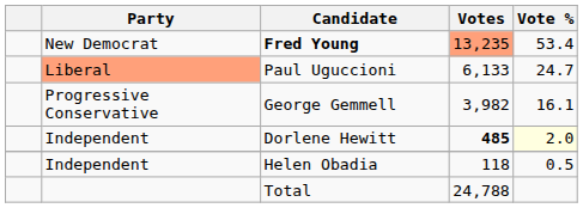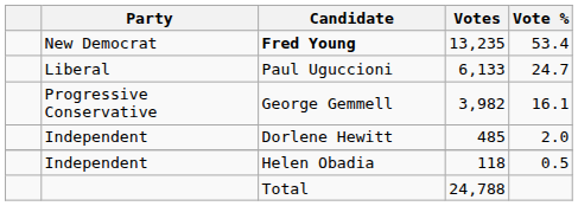 <table class="wikitable">
 <tr>
 <th></th>
 <th scope="col" width="175">Party</th>
 <th scope="col" width="150">Candidate</th>
 <th>Votes</th>
 <th>Vote %</th>
 </tr>
 <tr>
 <td>   </td>
 <td>New Democrat</td>
 <td><strong>Fred Young</strong></td>
-<td align=right style="background: lightsalmon;">13,235</td>
+<td align=right>13,235</td>
 <td align=right>53.4</td>
 </tr>
 <tr>
 <td>   </td>
-<td style="background: lightsalmon;">Liberal</td>
+<td>Liberal</td>
 <td>Paul Uguccioni</td>
 <td align=right>6,133</td>
 <td align=right>24.7</td>
 </tr>
 <tr |>
 <td>   </td>
 <td>Progressive Conservative</td>
 <td>George Gemmell</td>
 <td align=right>3,982</td>
 <td align=right>16.1</td>
 </tr>
 <tr>
 <td>   </td>
 <td>Independent</td>
 <td>Dorlene Hewitt</td>
-<td align=right><strong>485</strong></td>
-<td align=right style="background: lightyellow;">2.0<br></td>
+<td align=right>485</td>
+<td align=right>2.0<br></td>
 </tr>
 <tr |>
 </tr>
 <tr |>
 <td>   </td>
 <td>Independent</td>
 <td>Helen Obadia</td>
 <td align=right>118</td>
 <td align=right>0.5</td>
 </tr>
 <tr |>
 <td></td>
 <td></td>
 <td>Total</td>
 <td align=right>24,788</td>
 <td></td>
 </tr>
 </table>
